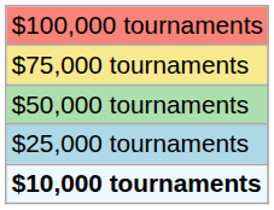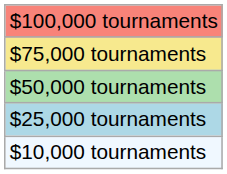 <table class=wikitable style="font-size:85%">
 <tr style="background:#f88379;">
 <td>$100,000 tournaments</td>
 </tr>
 <tr style="background:#f7e98e;">
 <td>$75,000 tournaments</td>
 </tr>
 <tr style="background:#addfad;">
 <td>$50,000 tournaments</td>
 </tr>
 <tr style="background:lightblue;">
 <td>$25,000 tournaments</td>
 </tr>
 <tr style="background:#f0f8ff;">
-<td><strong>$10,000 tournaments</strong></td>
+<td>$10,000 tournaments</td>
 </tr>
 </table>
